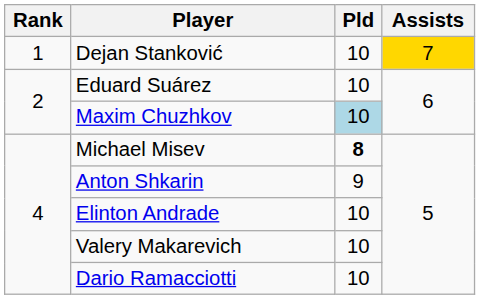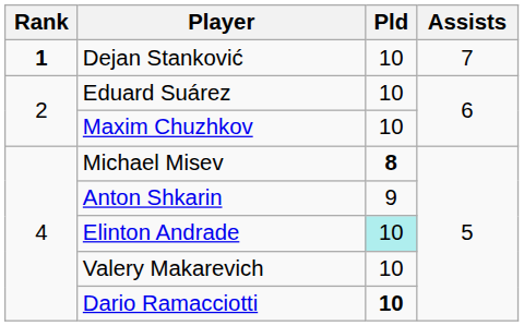 <table class="wikitable" style="text-align:center">
 <tr>
 <th width=45>Rank</th>
 <th width=200>Player</th>
 <th width=30>Pld</th>
 <th width=65>Assists</th>
 </tr>
 <tr>
-<td>1</td>
+<td><strong>1</strong></td>
 <td style="text-align:left"> Dejan Stanković</td>
 <td>10</td>
-<td style="background: gold;">7</td>
+<td>7</td>
 </tr>
 <tr>
 <td rowspan=2>2</td>
 <td style="text-align:left"> Eduard Suárez</td>
 <td>10</td>
 <td rowspan=2>6</td>
 </tr>
 <tr>
 <td style="text-align:left"> <a href='#'>Maxim Chuzhkov</a></td>
-<td style="background: lightblue;">10</td>
+<td>10</td>
 </tr>
 <tr>
 <td rowspan=5>4</td>
 <td style="text-align:left"> Michael Misev</td>
 <td><strong>8</strong></td>
 <td rowspan=5>5</td>
 </tr>
 <tr>
 <td style="text-align:left"> <a href='#'>Anton Shkarin</a></td>
 <td>9</td>
 </tr>
 <tr>
 <td style="text-align:left"> <a href='#'>Elinton Andrade</a></td>
-<td>10</td>
+<td style="background: paleturquoise;">10</td>
 </tr>
 <tr>
 <td style="text-align:left"> Valery Makarevich</td>
 <td>10</td>
 </tr>
 <tr>
 <td style="text-align:left"> <a href='#'>Dario Ramacciotti</a></td>
-<td>10</td>
+<td><strong>10</strong></td>
 </tr>
 </table>
